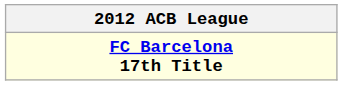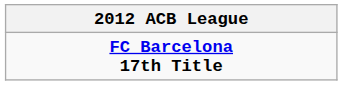 <table class="wikitable" style="margin: 0 auto; width: 20%;">
 <tr>
 <th>2012 ACB League</th>
 </tr>
 <tr>
-<td align=center style="background: lightyellow;"><strong><a href='#'>FC Barcelona</a></strong><br><strong>17th Title</strong> <br></td>
+<td align=center><strong><a href='#'>FC Barcelona</a></strong><br><strong>17th Title</strong> <br></td>
 </tr>
 </table>
